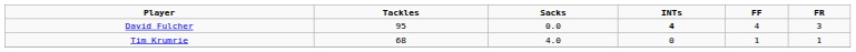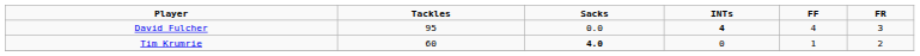 <table class="wikitable" width="80%">
 <tr align="center">
 <td><strong>Player</strong></td>
 <td><strong>Tackles</strong></td>
 <td><strong>Sacks</strong></td>
 <td><strong>INTs</strong></td>
 <td><strong>FF</strong></td>
 <td><strong>FR</strong></td>
 </tr>
 <tr align="center" bgcolor="">
 <td><a href='#'>David Fulcher</a></td>
 <td>95</td>
 <td>0.0</td>
 <td><strong>4</strong></td>
 <td>4</td>
 <td>3</td>
 </tr>
 <tr align="center" bgcolor="">
 <td><a href='#'>Tim Krumrie</a></td>
-<td>68</td>
-<td>4.0</td>
+<td>60</td>
+<td><strong>4.0</strong></td>
 <td>0</td>
 <td>1</td>
-<td>1</td>
+<td>2</td>
 </tr>
 <tr align="center" bgcolor="">
 </tr>
 </table>
